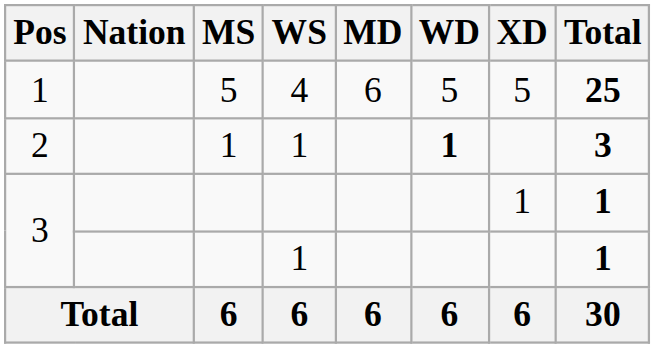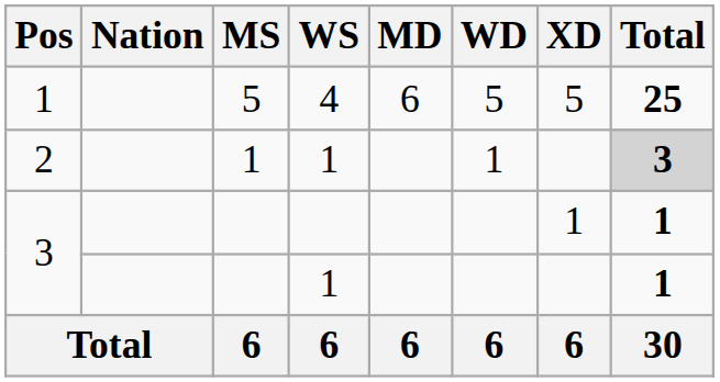 <table class="wikitable" style="text-align:center">
 <tr>
 <th width="20">Pos</th>
 <th>Nation</th>
 <th width="20">MS</th>
 <th width="20">WS</th>
 <th width="20">MD</th>
 <th width="20">WD</th>
 <th width="20">XD</th>
 <th>Total</th>
 </tr>
 <tr>
 <td>1</td>
 <td align="left"><strong></strong></td>
 <td>5</td>
 <td>4</td>
 <td>6</td>
 <td>5</td>
 <td>5</td>
 <td><strong>25</strong></td>
 </tr>
 <tr>
 <td>2</td>
 <td align="left"></td>
 <td>1</td>
 <td>1</td>
 <td></td>
-<td><strong>1</strong></td>
+<td>1</td>
 <td></td>
-<td><strong>3</strong></td>
+<td style="background: lightgrey;"><strong>3</strong></td>
 </tr>
 <tr>
 <td rowspan="2">3</td>
 <td align="left"></td>
 <td></td>
 <td></td>
 <td></td>
 <td></td>
 <td>1</td>
 <td><strong>1</strong></td>
 </tr>
 <tr>
 <td align="left"></td>
 <td></td>
 <td>1</td>
 <td></td>
 <td></td>
 <td></td>
 <td><strong>1</strong></td>
 </tr>
 <tr>
 <th colspan="2">Total</th>
 <th>6</th>
 <th>6</th>
 <th>6</th>
 <th>6</th>
 <th>6</th>
 <th>30</th>
 </tr>
 </table>
